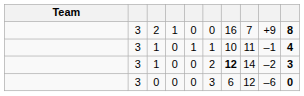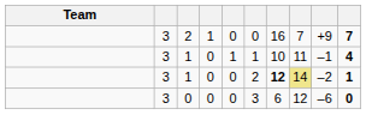 <table class="wikitable" style="text-align: center;">
 <tr>
 <th style="width:175px;">Team</th>
 <th width="20"></th>
 <th width="20"></th>
 <th width="20"></th>
 <th width="20"></th>
 <th width="20"></th>
 <th width="20"></th>
 <th width="20"></th>
 <th width="25"></th>
 <th width="20"></th>
 </tr>
 <tr>
 <td align=left></td>
 <td>3</td>
 <td>2</td>
 <td>1</td>
 <td>0</td>
 <td>0</td>
 <td>16</td>
 <td>7</td>
 <td>+9</td>
-<td><strong>8</strong></td>
+<td><strong>7</strong></td>
 </tr>
 <tr>
 <td align=left></td>
 <td>3</td>
 <td>1</td>
 <td>0</td>
 <td>1</td>
 <td>1</td>
 <td>10</td>
 <td>11</td>
 <td>–1</td>
 <td><strong>4</strong></td>
 </tr>
 <tr>
 <td align=left></td>
 <td>3</td>
 <td>1</td>
 <td>0</td>
 <td>0</td>
 <td>2</td>
 <td><strong>12</strong></td>
-<td>14</td>
+<td style="background: khaki;">14</td>
 <td>–2</td>
-<td><strong>3</strong></td>
+<td><strong>1</strong></td>
 </tr>
 <tr>
 <td align=left></td>
 <td>3</td>
 <td>0</td>
 <td>0</td>
 <td>0</td>
 <td>3</td>
 <td>6</td>
 <td>12</td>
 <td>–6</td>
 <td><strong>0</strong></td>
 </tr>
 </table>
